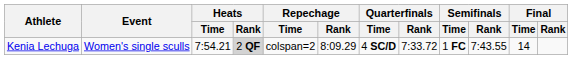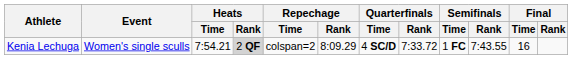 <table class="wikitable" style="font-size:90%">
 <tr>
 <th rowspan="2">Athlete</th>
 <th rowspan="2">Event</th>
 <th colspan="2">Heats</th>
 <th colspan="2">Repechage</th>
 <th colspan="2">Quarterfinals</th>
 <th colspan="2">Semifinals</th>
 <th colspan="2">Final</th>
 </tr>
 <tr style="font-size:95%">
 <th>Time</th>
 <th>Rank</th>
 <th>Time</th>
 <th>Rank</th>
 <th>Time</th>
 <th>Rank</th>
 <th>Time</th>
 <th>Rank</th>
 <th>Time</th>
 <th>Rank</th>
 </tr>
 <tr align=center>
 <td align=left><a href='#'>Kenia Lechuga</a></td>
 <td align=left><a href='#'>Women's single sculls</a></td>
 <td>7:54.21</td>
 <td style="background: lightgrey;">2 <strong>QF</strong></td>
 <td>colspan=2 </td>
 <td>8:09.29</td>
 <td>4 <strong>SC/D</strong></td>
 <td>7:33.72</td>
 <td>1 <strong>FC</strong></td>
 <td>7:43.55</td>
-<td>14</td>
+<td>16</td>
 </tr>
 </table>
